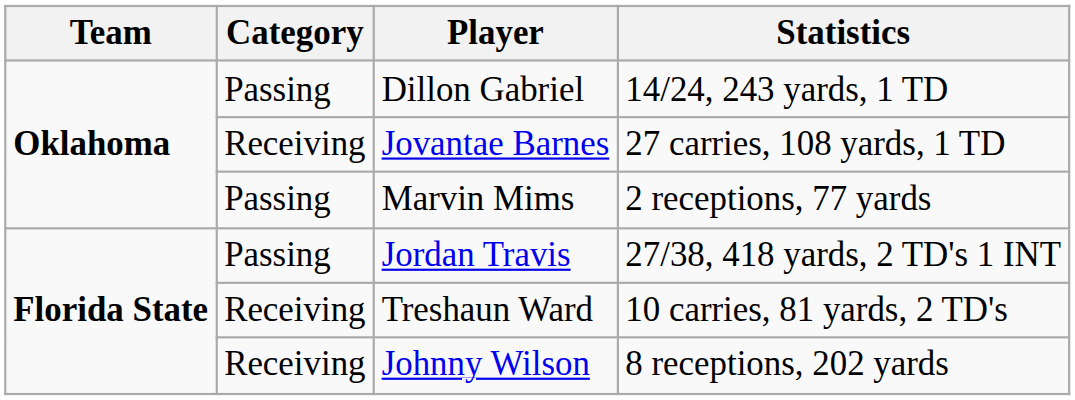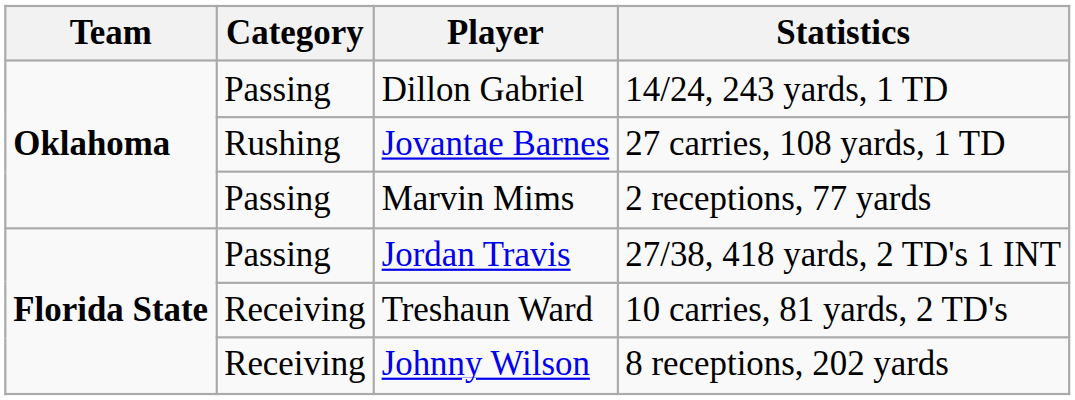 <table class="wikitable" style="float: right;">
 <tr>
 <th>Team</th>
 <th>Category</th>
 <th>Player</th>
 <th>Statistics</th>
 </tr>
 <tr>
 <td rowspan=3><strong>Oklahoma</strong></td>
 <td>Passing</td>
 <td>Dillon Gabriel</td>
 <td>14/24, 243 yards, 1 TD</td>
 </tr>
 <tr>
-<td>Receiving</td>
+<td>Rushing</td>
 <td><a href='#'>Jovantae Barnes</a></td>
 <td>27 carries, 108 yards, 1 TD</td>
 </tr>
 <tr>
 <td>Passing</td>
 <td>Marvin Mims</td>
 <td>2 receptions, 77 yards</td>
 </tr>
 <tr>
 <td rowspan=3><strong>Florida State</strong></td>
 <td>Passing</td>
 <td><a href='#'>Jordan Travis</a></td>
 <td>27/38, 418 yards, 2 TD's 1 INT</td>
 </tr>
 <tr>
 <td>Receiving</td>
 <td>Treshaun Ward</td>
 <td>10 carries, 81 yards, 2 TD's</td>
 </tr>
 <tr>
 <td>Receiving</td>
 <td><a href='#'>Johnny Wilson</a></td>
 <td>8 receptions, 202 yards</td>
 </tr>
 </table>
